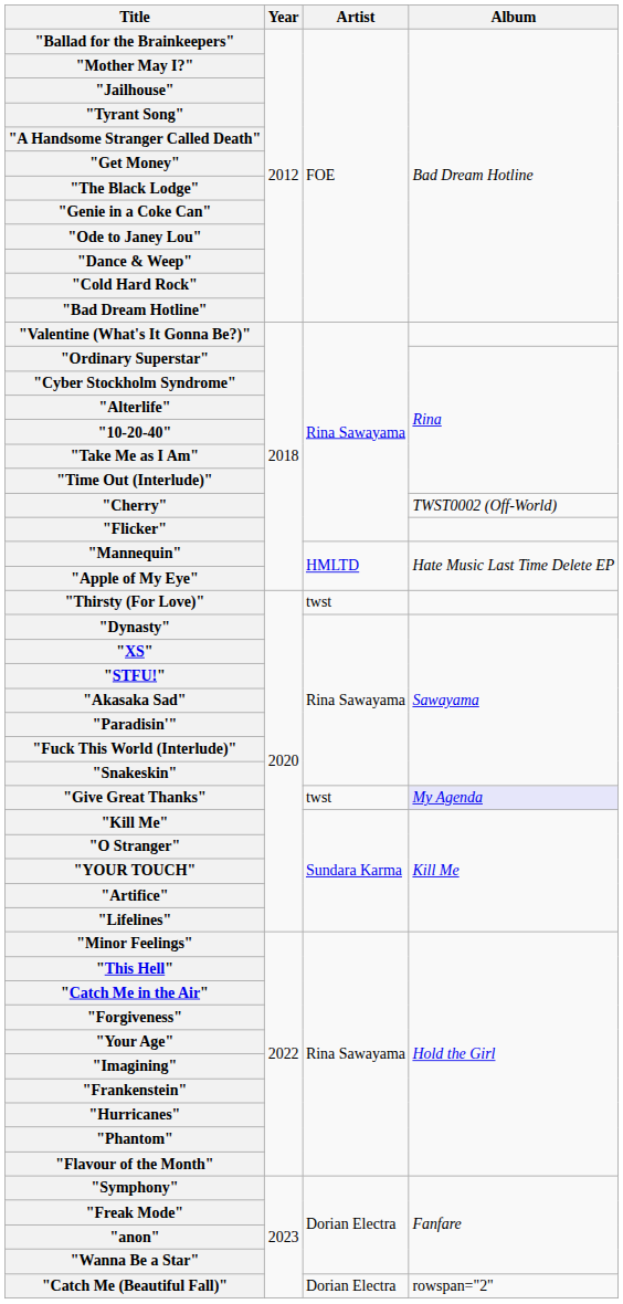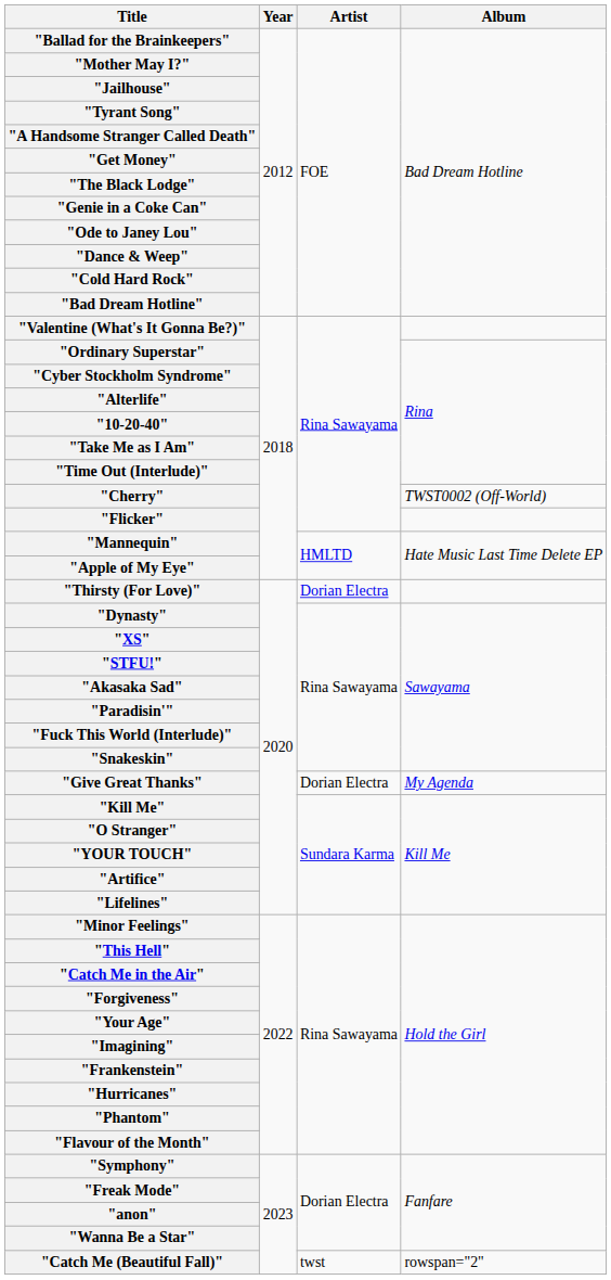 <table class="wikitable">
 <tr>
 <th>Title</th>
 <th>Year</th>
 <th>Artist</th>
 <th>Album</th>
 </tr>
 <tr>
 <th scope="row">"Ballad for the Brainkeepers"</th>
 <td rowspan="12">2012</td>
 <td rowspan="12">FOE</td>
 <td rowspan="12"><em>Bad Dream Hotline</em></td>
 </tr>
 <tr>
 <th scope="row">"Mother May I?"</th>
 </tr>
 <tr>
 <th scope="row">"Jailhouse"</th>
 </tr>
 <tr>
 <th scope="row">"Tyrant Song"</th>
 </tr>
 <tr>
 <th scope="row">"A Handsome Stranger Called Death"</th>
 </tr>
 <tr>
 <th scope="row">"Get Money"</th>
 </tr>
 <tr>
 <th scope="row">"The Black Lodge"</th>
 </tr>
 <tr>
 <th scope="row">"Genie in a Coke Can"</th>
 </tr>
 <tr>
 <th scope="row">"Ode to Janey Lou"</th>
 </tr>
 <tr>
 <th scope="row">"Dance & Weep"</th>
 </tr>
 <tr>
 <th scope="row">"Cold Hard Rock"</th>
 </tr>
 <tr>
 <th scope="row">"Bad Dream Hotline"</th>
 </tr>
 <tr>
 <th scope="row">"Valentine (What's It Gonna Be?)"</th>
 <td rowspan="11">2018</td>
 <td rowspan="9"><a href='#'>Rina Sawayama</a></td>
 <td></td>
 </tr>
 <tr>
 <th scope="row">"Ordinary Superstar"</th>
 <td rowspan="6"><em><a href='#'>Rina</a></em></td>
 </tr>
 <tr>
 <th scope="row">"Cyber Stockholm Syndrome"</th>
 </tr>
 <tr>
 <th scope="row">"Alterlife"</th>
 </tr>
 <tr>
 <th scope="row">"10-20-40"</th>
 </tr>
 <tr>
 <th scope="row">"Take Me as I Am"</th>
 </tr>
 <tr>
 <th scope="row">"Time Out (Interlude)"</th>
 </tr>
 <tr>
 <th scope="row">"Cherry"</th>
 <td><em>TWST0002 (Off-World)</em></td>
 </tr>
 <tr>
 <th scope="row">"Flicker"</th>
 </tr>
 <tr>
 <th scope="row">"Mannequin"</th>
 <td rowspan="2"><a href='#'>HMLTD</a></td>
 <td rowspan="2"><em>Hate Music Last Time Delete EP</em></td>
 </tr>
 <tr>
 <th scope="row">"Apple of My Eye"</th>
 </tr>
 <tr>
 <th scope="row">"Thirsty (For Love)"</th>
 <td rowspan="14">2020</td>
-<td>twst</td>
+<td><a href='#'>Dorian Electra</a></td>
 <td></td>
 </tr>
 <tr>
 <th scope="row">"Dynasty"</th>
 <td rowspan="7">Rina Sawayama</td>
 <td rowspan="7"><em><a href='#'>Sawayama</a></em></td>
 </tr>
 <tr>
 <th>"<a href='#'>XS</a>"</th>
 </tr>
 <tr>
 <th scope="row">"<a href='#'>STFU!</a>"</th>
 </tr>
 <tr>
 <th scope="row">"Akasaka Sad"</th>
 </tr>
 <tr>
 <th scope="row">"Paradisin'"</th>
 </tr>
 <tr>
 <th scope="row">"Fuck This World (Interlude)"</th>
 </tr>
 <tr>
 <th scope="row">"Snakeskin"</th>
 </tr>
 <tr>
 <th scope="row">"Give Great Thanks"</th>
-<td>twst</td>
-<td style="background: lavender;"><em><a href='#'>My Agenda</a></em></td>
+<td>Dorian Electra</td>
+<td><em><a href='#'>My Agenda</a></em></td>
 </tr>
 <tr>
 <th scope="row">"Kill Me"</th>
 <td rowspan="5"><a href='#'>Sundara Karma</a></td>
 <td rowspan="5"><em><a href='#'>Kill Me</a></em></td>
 </tr>
 <tr>
 <th scope="row">"O Stranger"</th>
 </tr>
 <tr>
 <th scope="row">"YOUR TOUCH"</th>
 </tr>
 <tr>
 <th scope="row">"Artifice"</th>
 </tr>
 <tr>
 <th scope="row">"Lifelines"</th>
 </tr>
 <tr>
 <th>"Minor Feelings"</th>
 <td rowspan="10">2022</td>
 <td rowspan="10">Rina Sawayama</td>
 <td rowspan="10"><em><a href='#'>Hold the Girl</a></em></td>
 </tr>
 <tr>
 <th>"<a href='#'>This Hell</a>"</th>
 </tr>
 <tr>
 <th>"<a href='#'>Catch Me in the Air</a>"</th>
 </tr>
 <tr>
 <th>"Forgiveness"</th>
 </tr>
 <tr>
 <th>"Your Age"</th>
 </tr>
 <tr>
 <th>"Imagining"</th>
 </tr>
 <tr>
 <th>"Frankenstein"</th>
 </tr>
 <tr>
 <th>"Hurricanes"</th>
 </tr>
 <tr>
 <th>"Phantom"</th>
 </tr>
 <tr>
 <th>"Flavour of the Month"</th>
 </tr>
 <tr>
 <th>"Symphony"</th>
 <td rowspan="5">2023</td>
 <td rowspan="4">Dorian Electra</td>
 <td rowspan="4"><em>Fanfare</em></td>
 </tr>
 <tr>
 <th>"Freak Mode"</th>
 </tr>
 <tr>
 <th>"anon"</th>
 </tr>
 <tr>
 <th>"Wanna Be a Star"</th>
 </tr>
 <tr>
 <th>"Catch Me (Beautiful Fall)"</th>
-<td>Dorian Electra</td>
+<td>twst</td>
 <td>rowspan="2" </td>
 </tr>
 </table>
